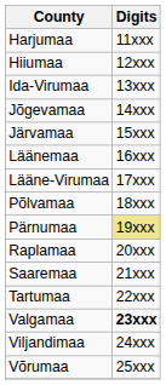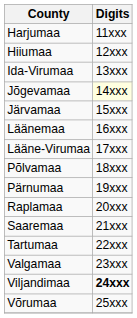 <table class="wikitable">
 <tr>
 <th>County</th>
 <th>Digits</th>
 </tr>
 <tr>
 <td>Harjumaa</td>
 <td>11xxx</td>
 </tr>
 <tr>
 <td>Hiiumaa</td>
 <td>12xxx</td>
 </tr>
 <tr>
 <td>Ida-Virumaa</td>
 <td>13xxx</td>
 </tr>
 <tr>
 <td>Jõgevamaa</td>
-<td>14xxx</td>
+<td style="background: lightyellow;">14xxx</td>
 </tr>
 <tr>
 <td>Järvamaa</td>
 <td>15xxx</td>
 </tr>
 <tr>
 <td>Läänemaa</td>
 <td>16xxx</td>
 </tr>
 <tr>
 <td>Lääne-Virumaa</td>
 <td>17xxx</td>
 </tr>
 <tr>
 <td>Põlvamaa</td>
 <td>18xxx</td>
 </tr>
 <tr>
 <td>Pärnumaa</td>
-<td style="background: khaki;">19xxx</td>
+<td>19xxx</td>
 </tr>
 <tr>
 <td>Raplamaa</td>
 <td>20xxx</td>
 </tr>
 <tr>
 <td>Saaremaa</td>
 <td>21xxx</td>
 </tr>
 <tr>
 <td>Tartumaa</td>
 <td>22xxx</td>
 </tr>
 <tr>
 <td>Valgamaa</td>
-<td><strong>23xxx</strong></td>
+<td>23xxx</td>
 </tr>
 <tr>
 <td>Viljandimaa</td>
-<td>24xxx</td>
+<td><strong>24xxx</strong></td>
 </tr>
 <tr>
 <td>Võrumaa</td>
 <td>25xxx</td>
 </tr>
 <tr>
 </tr>
 </table>
